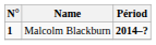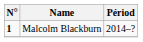 <table class="wikitable" style="text-align:left;font-size:95%;" cellpadding="0">
 <tr>
 <th>N°</th>
 <th>Name</th>
 <th>Périod</th>
 </tr>
 <tr>
 <td><strong>1</strong></td>
 <td> Malcolm Blackburn</td>
-<td><strong>2014–?</strong></td>
+<td>2014–?</td>
 </tr>
 <tr>
 </tr>
 </table>
